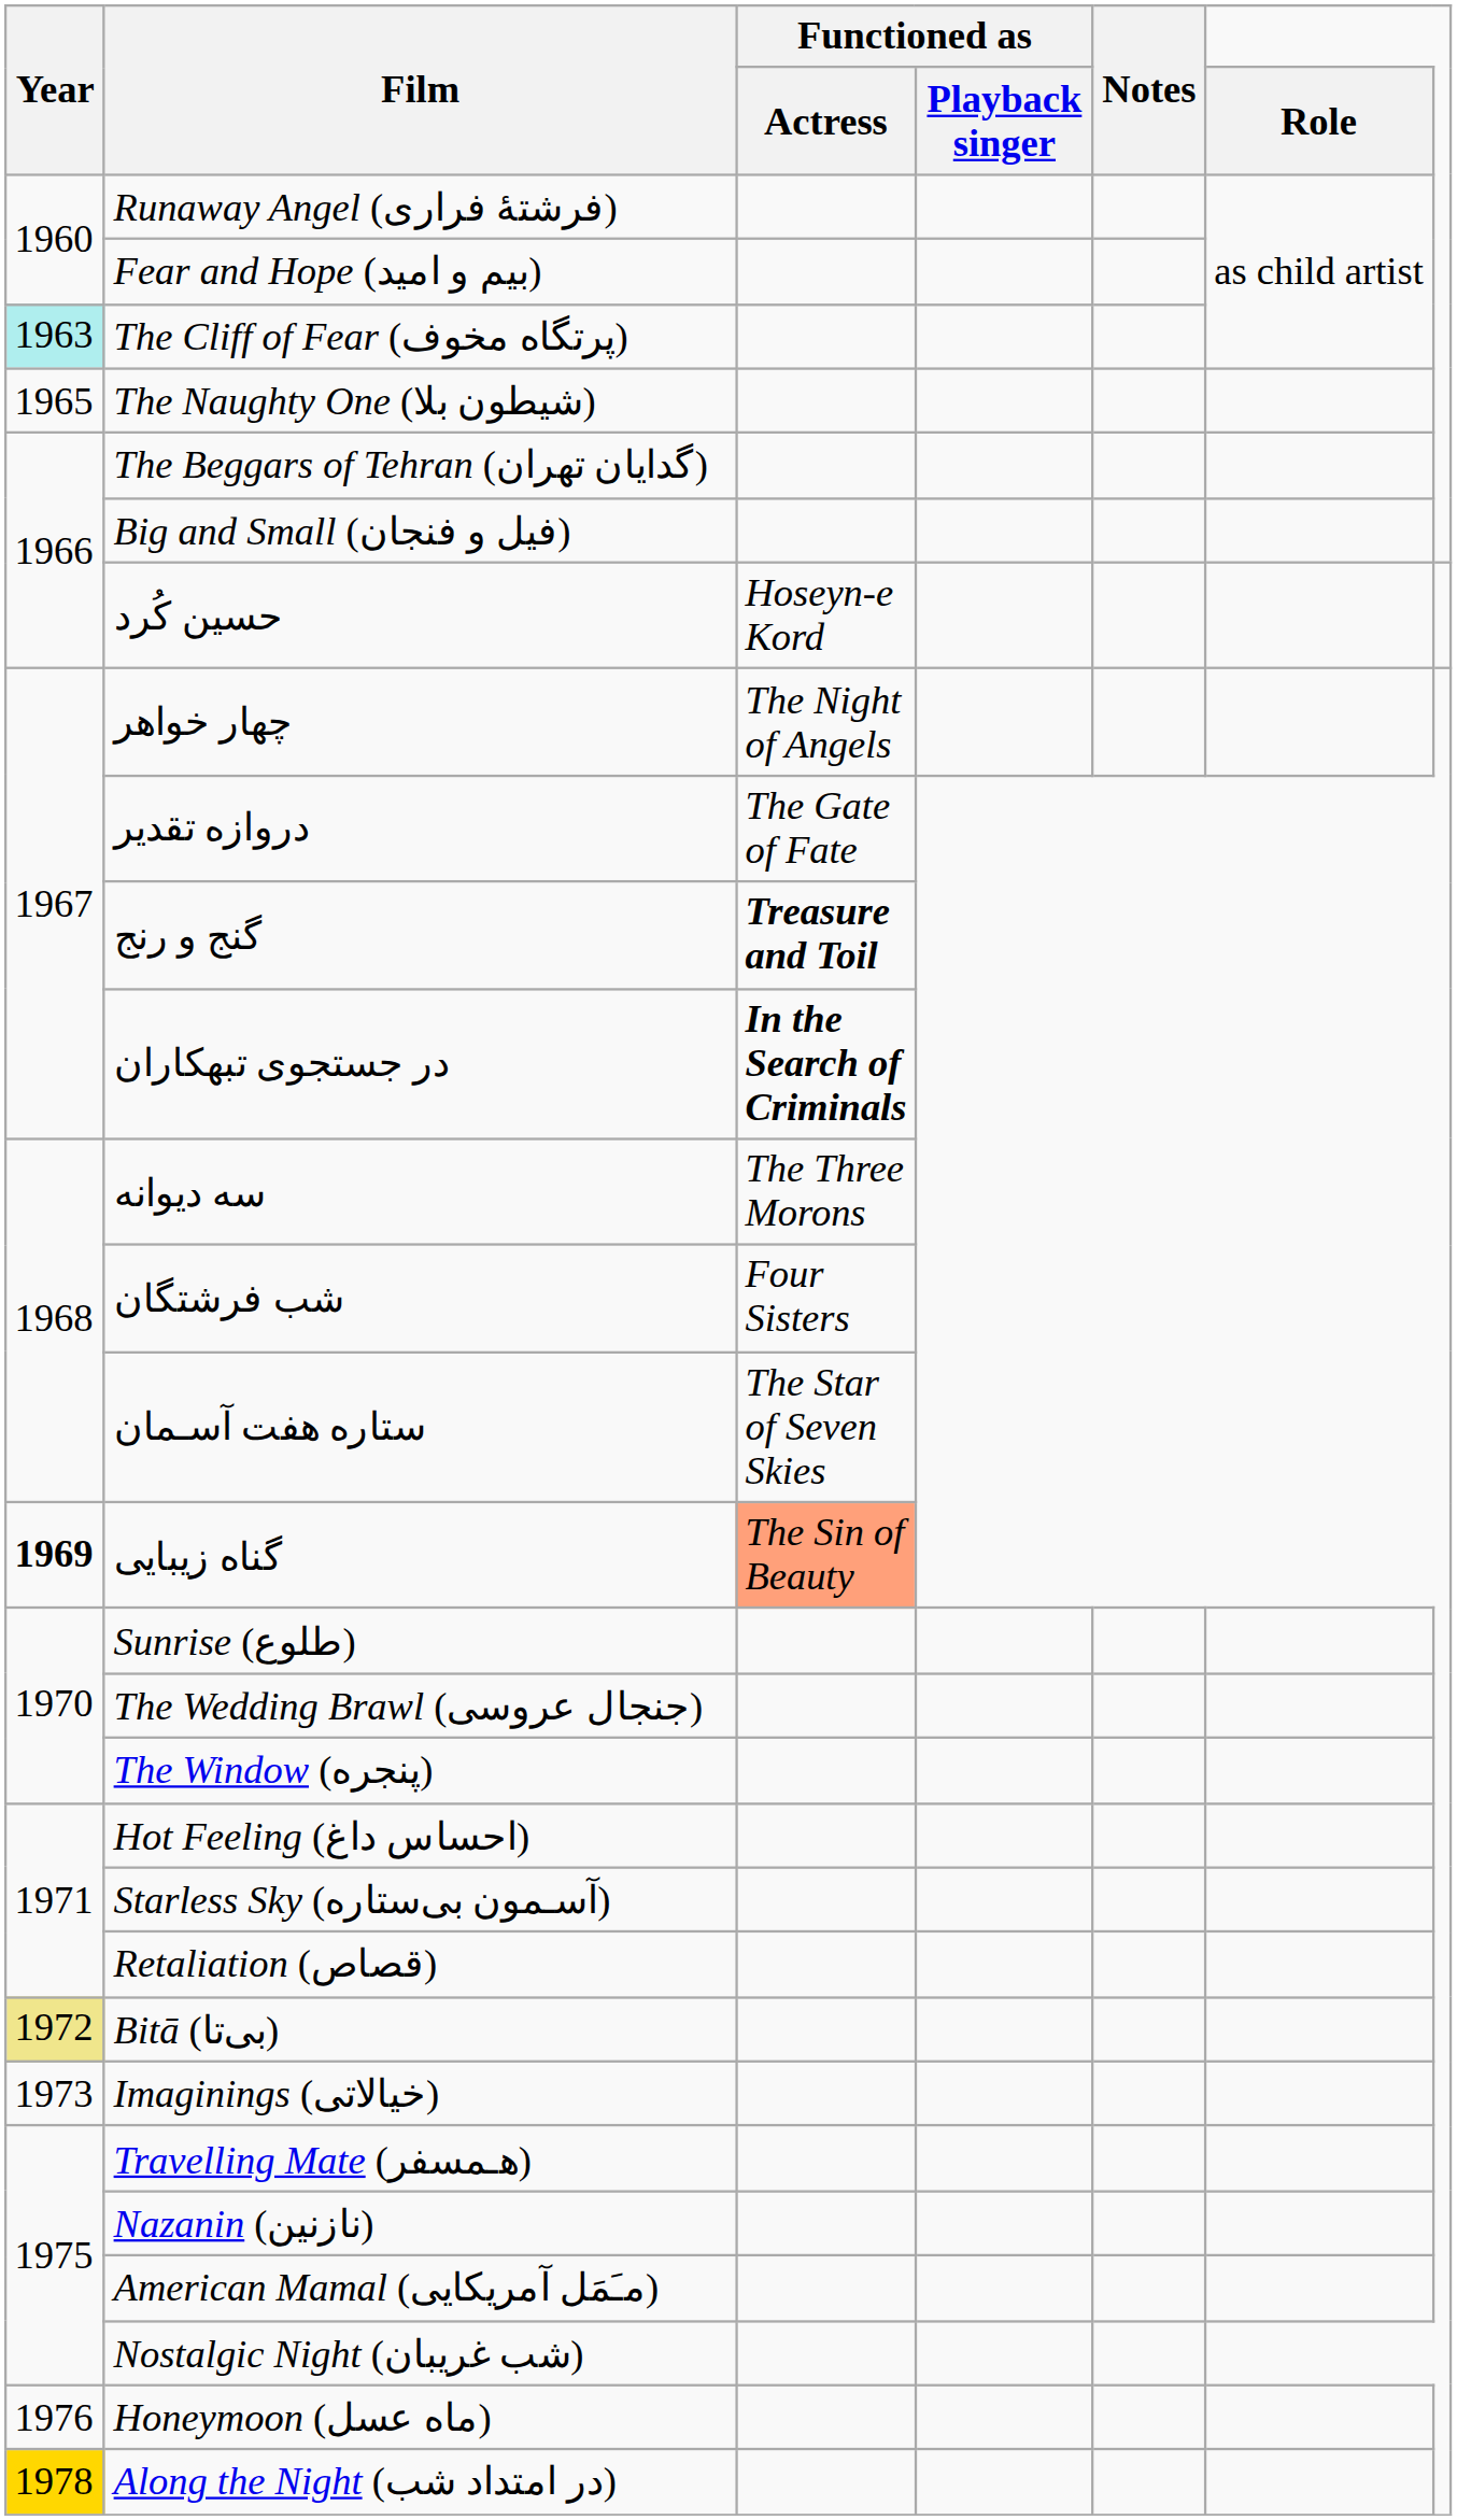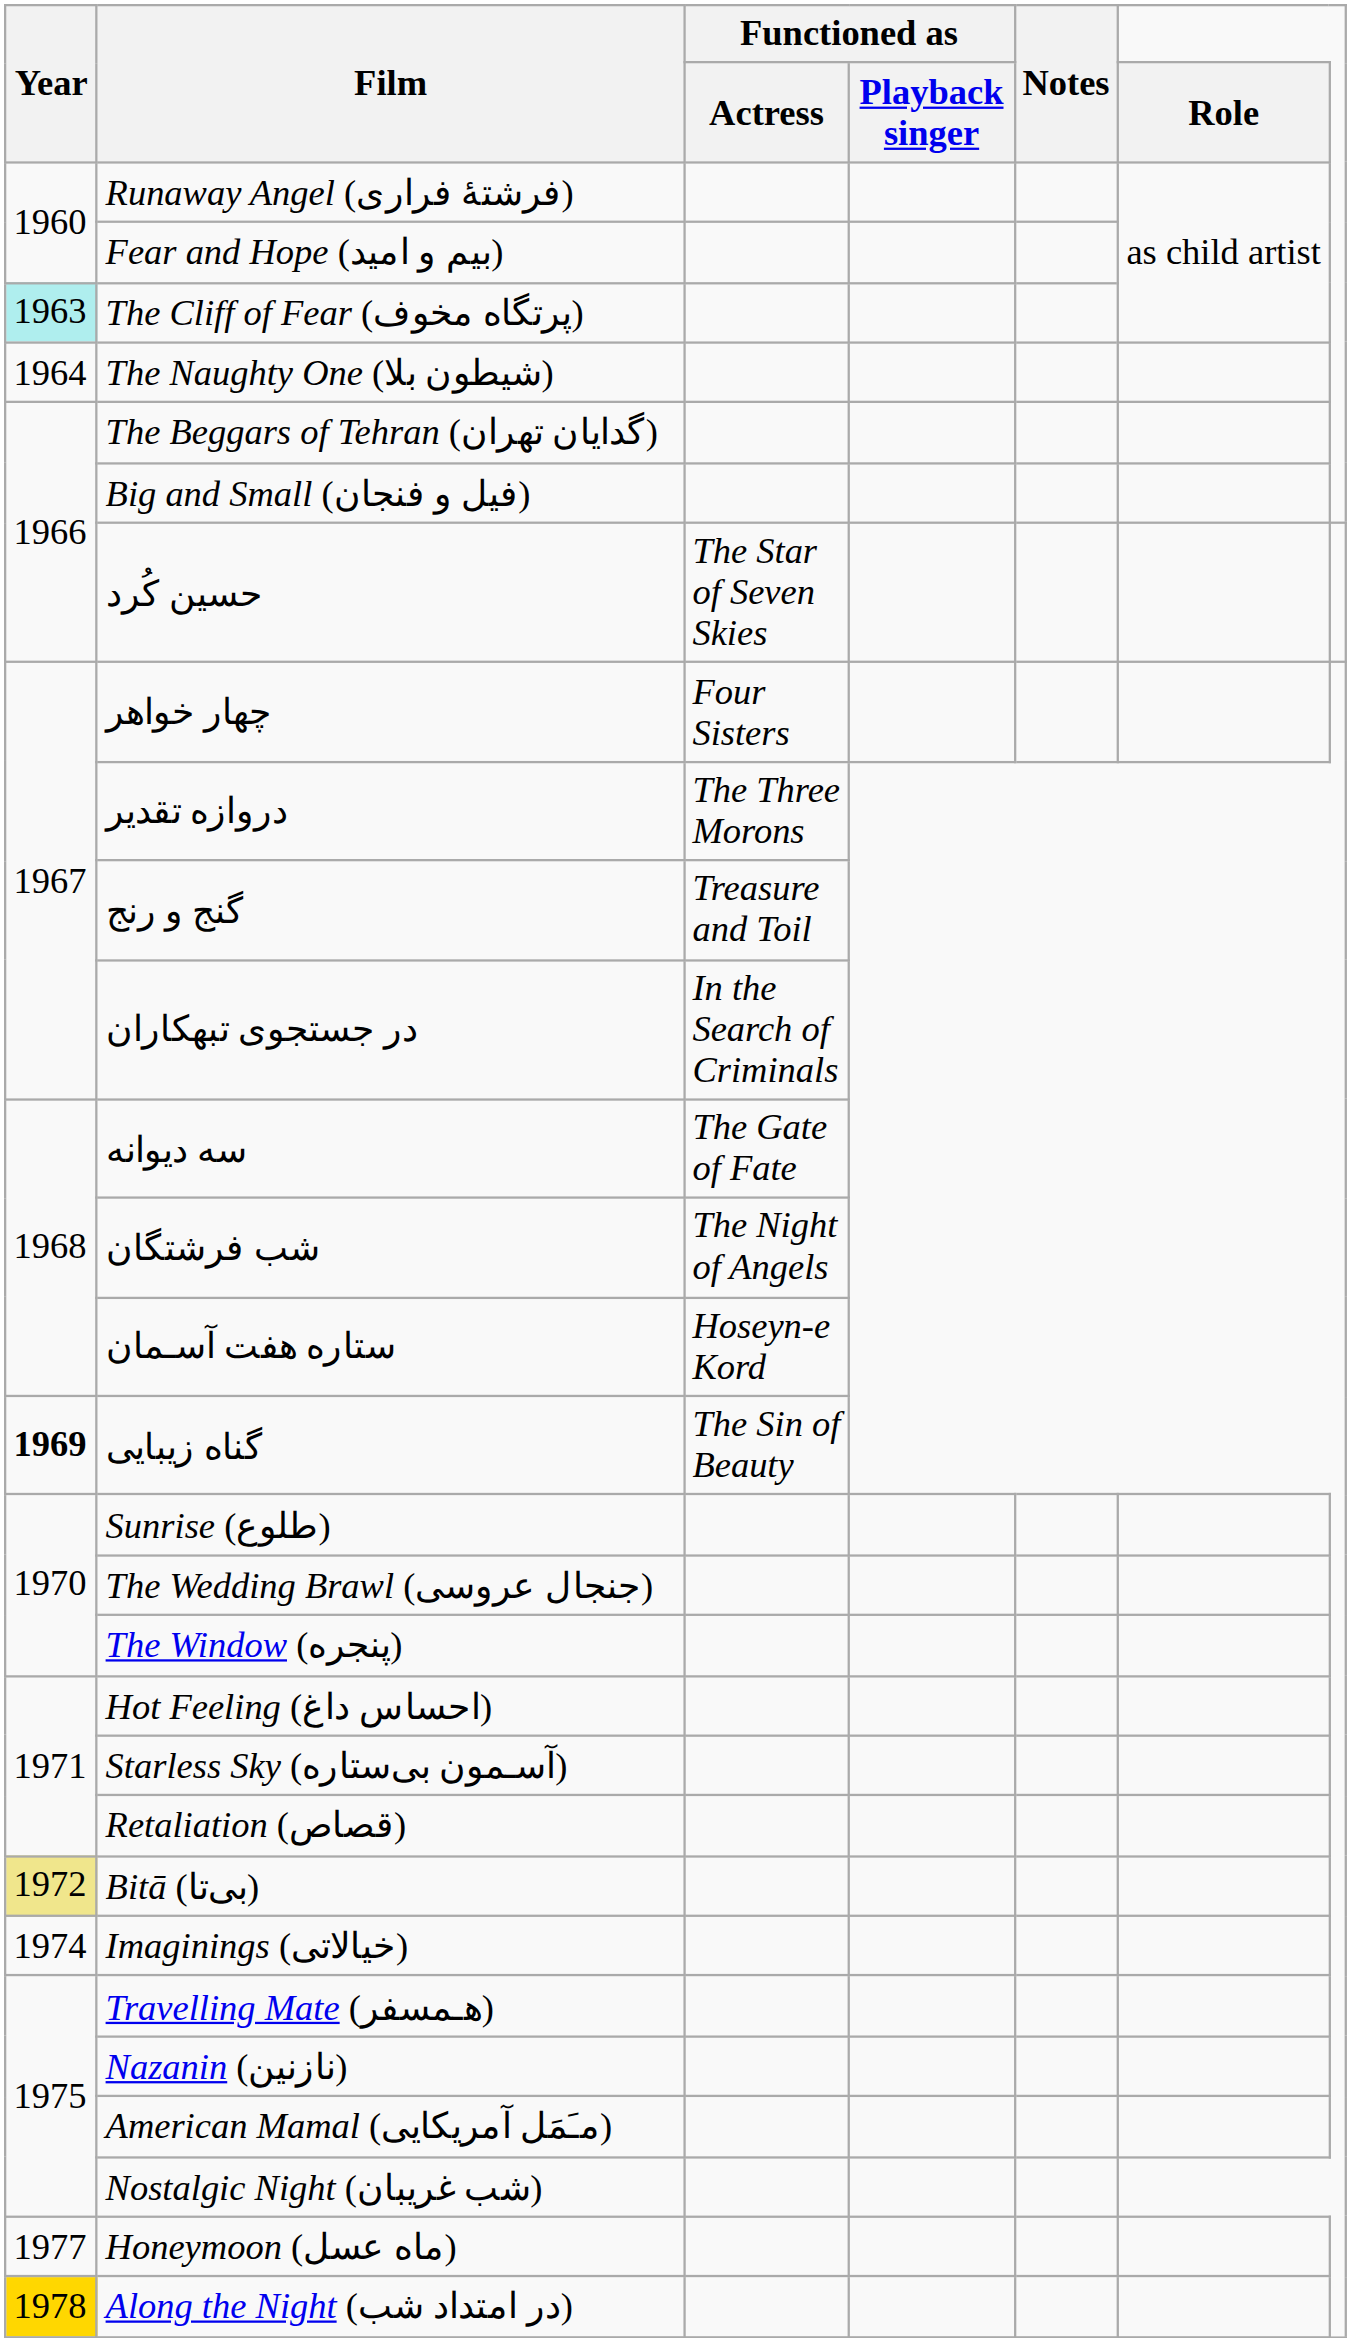 <table class="wikitable sortable" style="margin-right: 0;">
 <tr>
 <th rowspan="2" style="width:33px;">Year</th>
 <th rowspan="2" style="width:250px;">Film</th>
 <th colspan="2">Functioned as</th>
 <th rowspan="2">Notes</th>
 </tr>
 <tr>
 <th style="width:65px;">Actress</th>
 <th style="width:65px;"><a href='#'>Playback singer</a></th>
 <th>Role</th>
 </tr>
 <tr>
 <td rowspan=2>1960</td>
 <td><em>Runaway Angel</em> (فرشتۀ فراری)</td>
 <td></td>
 <td></td>
 <td></td>
 <td rowspan=3>as child artist</td>
 </tr>
 <tr>
 <td><em>Fear and Hope</em> (بیم و امید)</td>
 <td></td>
 <td></td>
 <td></td>
 </tr>
 <tr>
 <td style="background: paleturquoise;">1963</td>
 <td><em>The Cliff of Fear</em> (پرتگاه مخوف)</td>
 <td></td>
 <td></td>
 <td></td>
 </tr>
 <tr>
-<td>1965</td>
+<td>1964</td>
 <td><em>The Naughty One</em> (شیطون بلا)</td>
 <td></td>
 <td></td>
 <td></td>
 <td></td>
 </tr>
 <tr>
 <td rowspan=3>1966</td>
 <td><em>The Beggars of Tehran</em> (گدایان تهران)</td>
 <td></td>
 <td></td>
 <td></td>
 <td></td>
 </tr>
 <tr>
 <td><em>Big and Small</em> (فیل و فنجان)</td>
 <td></td>
 <td></td>
 <td></td>
 <td></td>
 </tr>
 <tr>
 <td>حسین کُرد</td>
-<td><em>Hoseyn-e Kord</em></td>
+<td><em>The Star of Seven Skies</em></td>
 <td></td>
 <td></td>
 <td></td>
 <td></td>
 </tr>
 <tr>
 <td rowspan=4>1967</td>
 <td>چهار خواهر</td>
-<td><em>The Night of Angels</em></td>
+<td><em>Four Sisters</em></td>
 <td></td>
 <td></td>
 <td></td>
 </tr>
 <tr>
 <td>دروازه تقدیر</td>
-<td><em>The Gate of Fate</em></td>
+<td><em>The Three Morons</em></td>
 </tr>
 <tr>
 <td>گنج و رنج</td>
-<td><strong><em>Treasure and Toil</em></strong></td>
+<td><em>Treasure and Toil</em></td>
 </tr>
 <tr>
 <td>در جستجوی تبهکاران</td>
-<td><strong><em>In the Search of Criminals</em></strong></td>
+<td><em>In the Search of Criminals</em></td>
 </tr>
 <tr>
 <td rowspan=3>1968</td>
 <td>سه ‌دیوانه</td>
-<td><em>The Three Morons</em></td>
+<td><em>The Gate of Fate</em></td>
 </tr>
 <tr>
 <td>شب فرشتگان</td>
-<td><em>Four Sisters</em></td>
+<td><em>The Night of Angels</em></td>
 </tr>
 <tr>
 <td>ستاره هفت آسـمان</td>
-<td><em>The Star of Seven Skies</em></td>
+<td><em>Hoseyn-e Kord</em></td>
 </tr>
 <tr>
 <td><strong>1969</strong></td>
 <td>گناه زیبایی</td>
-<td style="background: lightsalmon;"><em>The Sin of Beauty</em></td>
+<td><em>The Sin of Beauty</em></td>
 </tr>
 <tr>
 <td rowspan=3>1970</td>
 <td><em>Sunrise</em> (طلوع)</td>
 <td></td>
 <td></td>
 <td></td>
 <td></td>
 </tr>
 <tr>
 <td><em>The Wedding Brawl</em> (جنجال عروسی)</td>
 <td></td>
 <td></td>
 <td></td>
 <td></td>
 </tr>
 <tr>
 <td><em><a href='#'>The Window</a></em> (پنجره)</td>
 <td></td>
 <td></td>
 <td></td>
 <td></td>
 </tr>
 <tr>
 <td rowspan=3>1971</td>
 <td><em>Hot Feeling</em> (احساس داغ)</td>
 <td></td>
 <td></td>
 <td></td>
 <td></td>
 </tr>
 <tr>
 <td><em>Starless Sky</em> (آسـمون بی‌ستاره)</td>
 <td></td>
 <td></td>
 <td></td>
 <td></td>
 </tr>
 <tr>
 <td><em>Retaliation</em> (قصاص)</td>
 <td></td>
 <td></td>
 <td></td>
 <td></td>
 </tr>
 <tr>
 <td style="background: khaki;">1972</td>
 <td><em>Bitā</em> (بی‌تا)</td>
 <td></td>
 <td></td>
 <td></td>
 <td></td>
 </tr>
 <tr>
-<td>1973</td>
+<td>1974</td>
 <td><em>Imaginings</em> (خیالاتی)</td>
 <td></td>
 <td></td>
 <td></td>
 <td></td>
 </tr>
 <tr>
 <td rowspan=4>1975</td>
 <td><em><a href='#'>Travelling Mate</a></em> (هـمسفر)</td>
 <td></td>
 <td></td>
 <td></td>
 <td></td>
 </tr>
 <tr>
 <td><em><a href='#'>Nazanin</a></em> (نازنین)</td>
 <td></td>
 <td></td>
 <td></td>
 <td></td>
 </tr>
 <tr>
 <td><em>American Mamal</em> (مـَمَل آمریکایی)</td>
 <td></td>
 <td></td>
 <td></td>
 <td></td>
 </tr>
 <tr>
 <td><em>Nostalgic Night</em> (شب غریبان)</td>
 <td></td>
 <td></td>
 <td></td>
 </tr>
 <tr>
-<td>1976</td>
+<td>1977</td>
 <td><em>Honeymoon</em> (ماه عسل)</td>
 <td></td>
 <td></td>
 <td></td>
 <td></td>
 </tr>
 <tr>
 <td style="background: gold;">1978</td>
 <td><em><a href='#'>Along the Night</a></em> (در امتداد شب)</td>
 <td></td>
 <td></td>
 <td></td>
 <td></td>
 </tr>
 <tr>
 </tr>
 </table>
